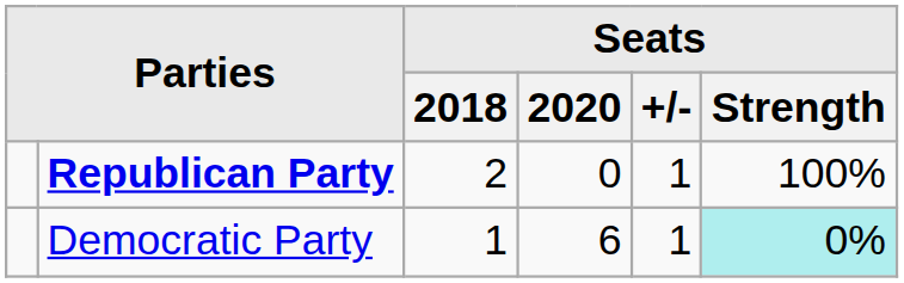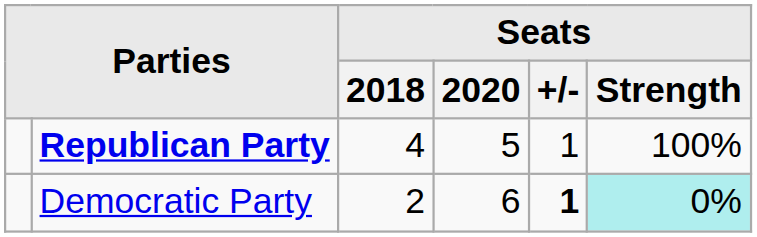 <table class=wikitable>
 <tr>
 <th style="background-color:#E9E9E9" align=center rowspan=2 colspan=2>Parties</th>
 <th style="background-color:#E9E9E9" align=center colspan=5>Seats</th>
 </tr>
 <tr bgcolor=#E9E9E9>
 <th>2018</th>
 <th>2020</th>
 <th>+/-</th>
 <th>Strength</th>
 </tr>
 <tr>
 <td style="background-color:"> </td>
 <td><strong><a href='#'>Republican Party</a></strong></td>
-<td align=right>2</td>
-<td align=right>0</td>
+<td align=right>4</td>
+<td align=right>5</td>
 <td align=right> 1</td>
 <td align=right>100%</td>
 </tr>
 <tr>
 <td style="background-color:"> </td>
 <td><a href='#'>Democratic Party</a></td>
-<td align=right>1</td>
+<td align=right>2</td>
 <td align=right>6</td>
-<td align=right> 1</td>
+<td align=right><strong> 1</strong></td>
 <td align=right style="background: paleturquoise;">0%</td>
 </tr>
 </table>
